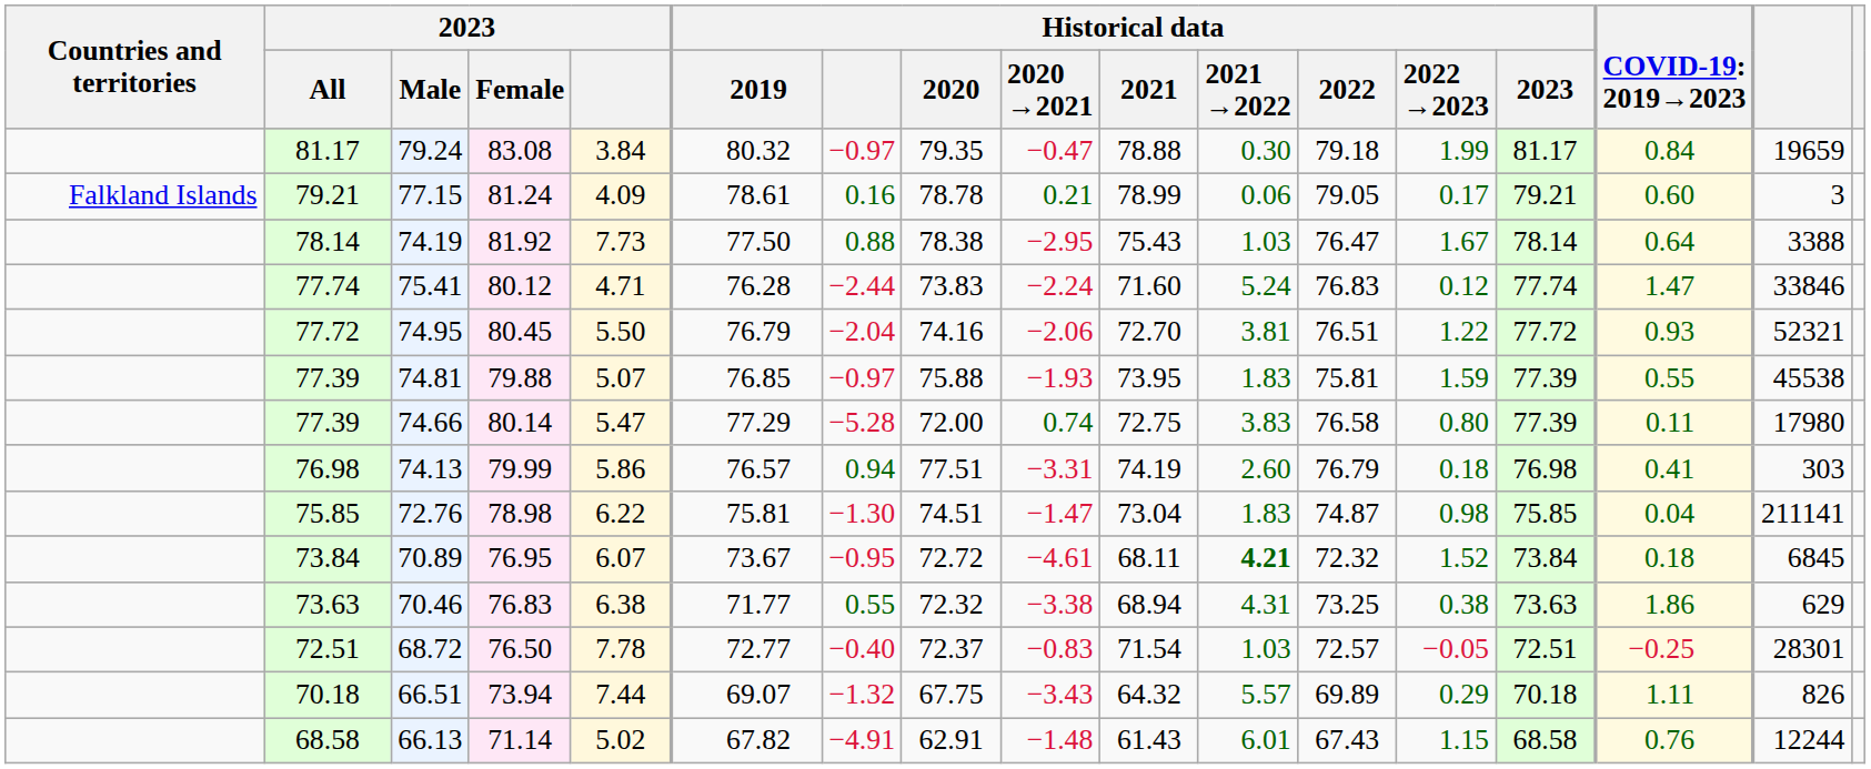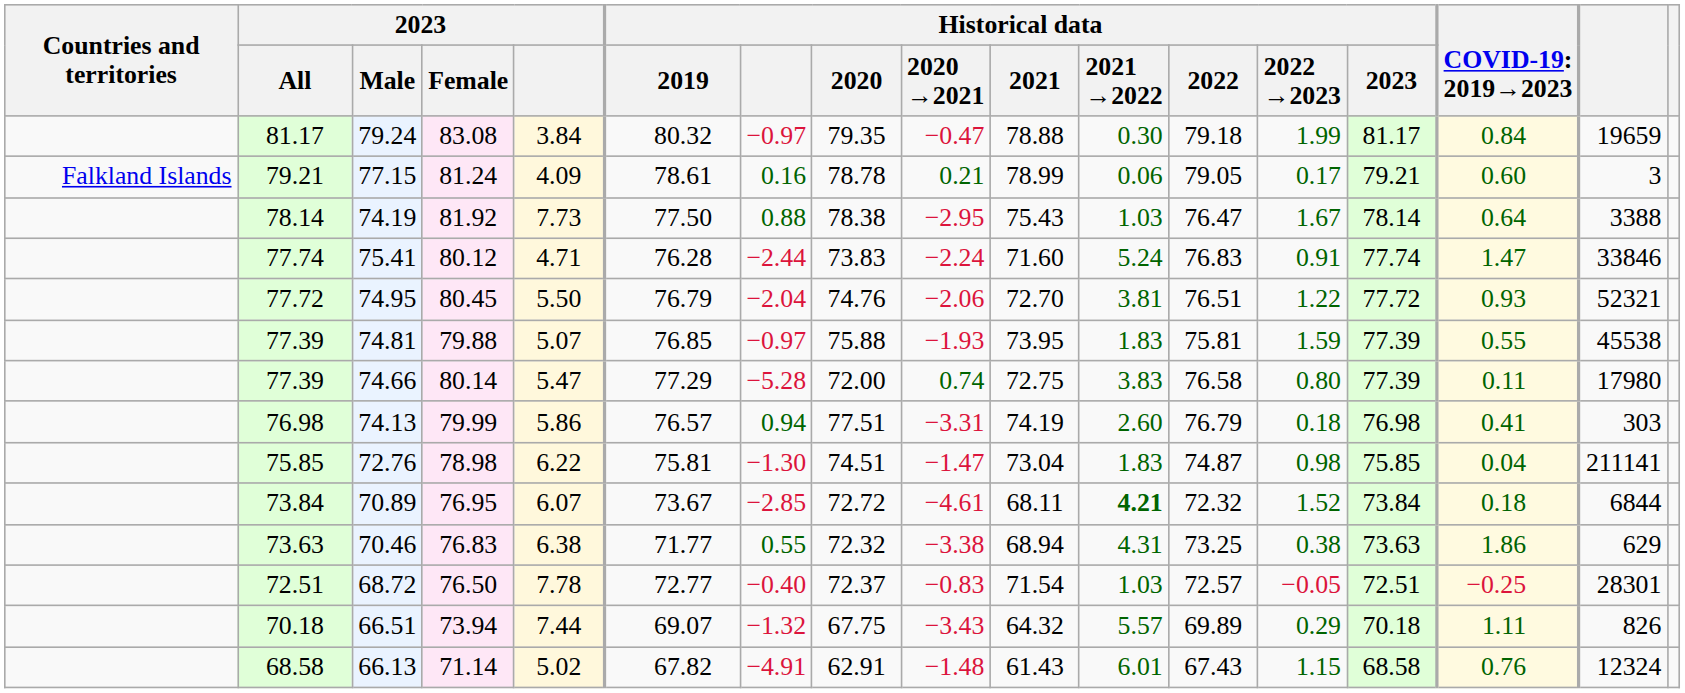 <table class="wikitable sortable mw-datatable static-row-numbers sort-under" style=text-align:right;>
 <tr>
 <th rowspan=2 style="vertical-align:middle;">Countries and<br>territories</th>
 <th colspan=4>2023</th>
 <th colspan=9 style="border-left-width:2px;">Historical data</th>
 <th rowspan=2 style="border-left-width:2px; text-align:middle;"><br><a href='#'>COVID-19</a>:<br>2019→2023</th>
 <th rowspan=2 style="border-left-width:2px; text-align:middle;"></th>
 <th rowspan=2></th>
 </tr>
 <tr>
 <th style="vertical-align:middle;width:4em;">All</th>
 <th style="vertical-align:middle;">Male</th>
 <th style="vertical-align:middle;">Female</th>
 <th style="vertical-align:middle; width:3em;"></th>
 <th style="border-left-width:2px; vertical-align:middle; width:4em; padding-left:1em;">2019</th>
 <th style="text-align:left;"></th>
 <th style="vertical-align:middle; width:3em;">2020</th>
 <th style="text-align:left;">2020<br>→2021</th>
 <th style="vertical-align:middle; width:3em;">2021</th>
 <th style="text-align:left;">2021<br>→2022</th>
 <th style="vertical-align:middle; width:3em;">2022</th>
 <th style="text-align:left;">2022<br>→2023</th>
 <th style="vertical-align:middle; width:3em;">2023</th>
 </tr>
 <tr>
 <td align=left></td>
 <td style="text-align:center;background:#e0ffd8;">81.17</td>
 <td style="text-align:center;background:#eaf3ff;">79.24</td>
 <td style="text-align:center;background:#fee7f6;">83.08</td>
 <td style="text-align:center;background:#fff8dc;">3.84</td>
 <td style="text-align:center;border-left-width:2px;padding-left:1em;">80.32</td>
 <td style=" color:crimson;">−0.97</td>
 <td style="text-align:center;">79.35</td>
 <td style=" color:crimson;">−0.47</td>
 <td style="text-align:center;">78.88</td>
 <td style=" color:darkgreen;">0.30</td>
 <td style="text-align:center;">79.18</td>
 <td style=" color:darkgreen;">1.99</td>
 <td style="text-align:center;background:#e0ffd8;">81.17</td>
 <td style="background:#fffae0;border-left-width:2px;padding-right:2em; color:darkgreen;">0.84</td>
 <td style="border-left-width:2px;">19659</td>
 <td align=center></td>
 </tr>
 <tr>
 <td style="text-align:left;padding-left: 35px;"><a href='#'>Falkland Islands</a></td>
 <td style="text-align:center;background:#e0ffd8;">79.21</td>
 <td style="text-align:center;background:#eaf3ff;">77.15</td>
 <td style="text-align:center;background:#fee7f6;">81.24</td>
 <td style="text-align:center;background:#fff8dc;">4.09</td>
 <td style="text-align:center;border-left-width:2px;padding-left:1em;">78.61</td>
 <td style=" color:darkgreen;">0.16</td>
 <td style="text-align:center;">78.78</td>
 <td style=" color:darkgreen;">0.21</td>
 <td style="text-align:center;">78.99</td>
 <td style=" color:darkgreen;">0.06</td>
 <td style="text-align:center;">79.05</td>
 <td style=" color:darkgreen;">0.17</td>
 <td style="text-align:center;background:#e0ffd8;">79.21</td>
 <td style="background:#fffae0;border-left-width:2px;padding-right:2em; color:darkgreen;">0.60</td>
 <td style="border-left-width:2px;">3</td>
 <td></td>
 </tr>
 <tr>
 <td align=left></td>
 <td style="text-align:center;background:#e0ffd8;">78.14</td>
 <td style="text-align:center;background:#eaf3ff;">74.19</td>
 <td style="text-align:center;background:#fee7f6;">81.92</td>
 <td style="text-align:center;background:#fff8dc;">7.73</td>
 <td style="text-align:center;border-left-width:2px;padding-left:1em;">77.50</td>
 <td style=" color:darkgreen;">0.88</td>
 <td style="text-align:center;">78.38</td>
 <td style=" color:crimson;">−2.95</td>
 <td style="text-align:center;">75.43</td>
 <td style=" color:darkgreen;">1.03</td>
 <td style="text-align:center;">76.47</td>
 <td style=" color:darkgreen;">1.67</td>
 <td style="text-align:center;background:#e0ffd8;">78.14</td>
 <td style="background:#fffae0;border-left-width:2px;padding-right:2em; color:darkgreen;">0.64</td>
 <td style="border-left-width:2px;">3388</td>
 <td align=center></td>
 </tr>
 <tr>
 <td align=left></td>
 <td style="text-align:center;background:#e0ffd8;">77.74</td>
 <td style="text-align:center;background:#eaf3ff;">75.41</td>
 <td style="text-align:center;background:#fee7f6;">80.12</td>
 <td style="text-align:center;background:#fff8dc;">4.71</td>
 <td style="text-align:center;border-left-width:2px;padding-left:1em;">76.28</td>
 <td style=" color:crimson;">−2.44</td>
 <td style="text-align:center;">73.83</td>
 <td style=" color:crimson;">−2.24</td>
 <td style="text-align:center;">71.60</td>
 <td style=" color:darkgreen;">5.24</td>
 <td style="text-align:center;">76.83</td>
-<td style=" color:darkgreen;">0.12</td>
+<td style=" color:darkgreen;">0.91</td>
 <td style="text-align:center;background:#e0ffd8;">77.74</td>
 <td style="background:#fffae0;border-left-width:2px;padding-right:2em; color:darkgreen;">1.47</td>
 <td style="border-left-width:2px;">33846</td>
 <td align=center></td>
 </tr>
 <tr>
 <td align=left></td>
 <td style="text-align:center;background:#e0ffd8;">77.72</td>
 <td style="text-align:center;background:#eaf3ff;">74.95</td>
 <td style="text-align:center;background:#fee7f6;">80.45</td>
 <td style="text-align:center;background:#fff8dc;">5.50</td>
 <td style="text-align:center;border-left-width:2px;padding-left:1em;">76.79</td>
 <td style=" color:crimson;">−2.04</td>
-<td style="text-align:center;">74.16</td>
+<td style="text-align:center;">74.76</td>
 <td style=" color:crimson;">−2.06</td>
 <td style="text-align:center;">72.70</td>
 <td style=" color:darkgreen;">3.81</td>
 <td style="text-align:center;">76.51</td>
 <td style=" color:darkgreen;">1.22</td>
 <td style="text-align:center;background:#e0ffd8;">77.72</td>
 <td style="background:#fffae0;border-left-width:2px;padding-right:2em; color:darkgreen;">0.93</td>
 <td style="border-left-width:2px;">52321</td>
 <td align=center></td>
 </tr>
 <tr>
 <td align=left></td>
 <td style="text-align:center;background:#e0ffd8;">77.39</td>
 <td style="text-align:center;background:#eaf3ff;">74.81</td>
 <td style="text-align:center;background:#fee7f6;">79.88</td>
 <td style="text-align:center;background:#fff8dc;">5.07</td>
 <td style="text-align:center;border-left-width:2px;padding-left:1em;">76.85</td>
 <td style=" color:crimson;">−0.97</td>
 <td style="text-align:center;">75.88</td>
 <td style=" color:crimson;">−1.93</td>
 <td style="text-align:center;">73.95</td>
 <td style=" color:darkgreen;">1.83</td>
 <td style="text-align:center;">75.81</td>
 <td style=" color:darkgreen;">1.59</td>
 <td style="text-align:center;background:#e0ffd8;">77.39</td>
 <td style="background:#fffae0;border-left-width:2px;padding-right:2em; color:darkgreen;">0.55</td>
 <td style="border-left-width:2px;">45538</td>
 <td align=center></td>
 </tr>
 <tr>
 <td align=left></td>
 <td style="text-align:center;background:#e0ffd8;">77.39</td>
 <td style="text-align:center;background:#eaf3ff;">74.66</td>
 <td style="text-align:center;background:#fee7f6;">80.14</td>
 <td style="text-align:center;background:#fff8dc;">5.47</td>
 <td style="text-align:center;border-left-width:2px;padding-left:1em;">77.29</td>
 <td style=" color:crimson;">−5.28</td>
 <td style="text-align:center;">72.00</td>
 <td style=" color:darkgreen;">0.74</td>
 <td style="text-align:center;">72.75</td>
 <td style=" color:darkgreen;">3.83</td>
 <td style="text-align:center;">76.58</td>
 <td style=" color:darkgreen;">0.80</td>
 <td style="text-align:center;background:#e0ffd8;">77.39</td>
 <td style="background:#fffae0;border-left-width:2px;padding-right:2em; color:darkgreen;">0.11</td>
 <td style="border-left-width:2px;">17980</td>
 <td align=center></td>
 </tr>
 <tr>
 <td align=left></td>
 <td style="text-align:center;background:#e0ffd8;">76.98</td>
 <td style="text-align:center;background:#eaf3ff;">74.13</td>
 <td style="text-align:center;background:#fee7f6;">79.99</td>
 <td style="text-align:center;background:#fff8dc;">5.86</td>
 <td style="text-align:center;border-left-width:2px;padding-left:1em;">76.57</td>
 <td style=" color:darkgreen;">0.94</td>
 <td style="text-align:center;">77.51</td>
 <td style=" color:crimson;">−3.31</td>
 <td style="text-align:center;">74.19</td>
 <td style=" color:darkgreen;">2.60</td>
 <td style="text-align:center;">76.79</td>
 <td style=" color:darkgreen;">0.18</td>
 <td style="text-align:center;background:#e0ffd8;">76.98</td>
 <td style="background:#fffae0;border-left-width:2px;padding-right:2em; color:darkgreen;">0.41</td>
 <td style="border-left-width:2px;">303</td>
 <td align=center></td>
 </tr>
 <tr>
 <td align=left></td>
 <td style="text-align:center;background:#e0ffd8;">75.85</td>
 <td style="text-align:center;background:#eaf3ff;">72.76</td>
 <td style="text-align:center;background:#fee7f6;">78.98</td>
 <td style="text-align:center;background:#fff8dc;">6.22</td>
 <td style="text-align:center;border-left-width:2px;padding-left:1em;">75.81</td>
 <td style=" color:crimson;">−1.30</td>
 <td style="text-align:center;">74.51</td>
 <td style=" color:crimson;">−1.47</td>
 <td style="text-align:center;">73.04</td>
 <td style=" color:darkgreen;">1.83</td>
 <td style="text-align:center;">74.87</td>
 <td style=" color:darkgreen;">0.98</td>
 <td style="text-align:center;background:#e0ffd8;">75.85</td>
 <td style="background:#fffae0;border-left-width:2px;padding-right:2em; color:darkgreen;">0.04</td>
 <td style="border-left-width:2px;">211141</td>
 <td align=center></td>
 </tr>
 <tr>
 <td align=left></td>
 <td style="text-align:center;background:#e0ffd8;">73.84</td>
 <td style="text-align:center;background:#eaf3ff;">70.89</td>
 <td style="text-align:center;background:#fee7f6;">76.95</td>
 <td style="text-align:center;background:#fff8dc;">6.07</td>
 <td style="text-align:center;border-left-width:2px;padding-left:1em;">73.67</td>
-<td style=" color:crimson;">−0.95</td>
+<td style=" color:crimson;">−2.85</td>
 <td style="text-align:center;">72.72</td>
 <td style=" color:crimson;">−4.61</td>
 <td style="text-align:center;">68.11</td>
 <td style=" color:darkgreen;"><strong>4.21</strong></td>
 <td style="text-align:center;">72.32</td>
 <td style=" color:darkgreen;">1.52</td>
 <td style="text-align:center;background:#e0ffd8;">73.84</td>
 <td style="background:#fffae0;border-left-width:2px;padding-right:2em; color:darkgreen;">0.18</td>
-<td style="border-left-width:2px;">6845</td>
+<td style="border-left-width:2px;">6844</td>
 <td align=center></td>
 </tr>
 <tr>
 <td align=left></td>
 <td style="text-align:center;background:#e0ffd8;">73.63</td>
 <td style="text-align:center;background:#eaf3ff;">70.46</td>
 <td style="text-align:center;background:#fee7f6;">76.83</td>
 <td style="text-align:center;background:#fff8dc;">6.38</td>
 <td style="text-align:center;border-left-width:2px;padding-left:1em;">71.77</td>
 <td style=" color:darkgreen;">0.55</td>
 <td style="text-align:center;">72.32</td>
 <td style=" color:crimson;">−3.38</td>
 <td style="text-align:center;">68.94</td>
 <td style=" color:darkgreen;">4.31</td>
 <td style="text-align:center;">73.25</td>
 <td style=" color:darkgreen;">0.38</td>
 <td style="text-align:center;background:#e0ffd8;">73.63</td>
 <td style="background:#fffae0;border-left-width:2px;padding-right:2em; color:darkgreen;">1.86</td>
 <td style="border-left-width:2px;">629</td>
 <td align=center></td>
 </tr>
 <tr>
 <td align=left></td>
 <td style="text-align:center;background:#e0ffd8;">72.51</td>
 <td style="text-align:center;background:#eaf3ff;">68.72</td>
 <td style="text-align:center;background:#fee7f6;">76.50</td>
 <td style="text-align:center;background:#fff8dc;">7.78</td>
 <td style="text-align:center;border-left-width:2px;padding-left:1em;">72.77</td>
 <td style=" color:crimson;">−0.40</td>
 <td style="text-align:center;">72.37</td>
 <td style=" color:crimson;">−0.83</td>
 <td style="text-align:center;">71.54</td>
 <td style=" color:darkgreen;">1.03</td>
 <td style="text-align:center;">72.57</td>
 <td style=" color:crimson;">−0.05</td>
 <td style="text-align:center;background:#e0ffd8;">72.51</td>
 <td style="background:#fffae0;border-left-width:2px;padding-right:2em; color:crimson;">−0.25</td>
 <td style="border-left-width:2px;">28301</td>
 <td align=center></td>
 </tr>
 <tr>
 <td align=left></td>
 <td style="text-align:center;background:#e0ffd8;">70.18</td>
 <td style="text-align:center;background:#eaf3ff;">66.51</td>
 <td style="text-align:center;background:#fee7f6;">73.94</td>
 <td style="text-align:center;background:#fff8dc;">7.44</td>
 <td style="text-align:center;border-left-width:2px;padding-left:1em;">69.07</td>
 <td style=" color:crimson;">−1.32</td>
 <td style="text-align:center;">67.75</td>
 <td style=" color:crimson;">−3.43</td>
 <td style="text-align:center;">64.32</td>
 <td style=" color:darkgreen;">5.57</td>
 <td style="text-align:center;">69.89</td>
 <td style=" color:darkgreen;">0.29</td>
 <td style="text-align:center;background:#e0ffd8;">70.18</td>
 <td style="background:#fffae0;border-left-width:2px;padding-right:2em; color:darkgreen;">1.11</td>
 <td style="border-left-width:2px;">826</td>
 <td align=center></td>
 </tr>
 <tr>
 <td align=left></td>
 <td style="text-align:center;background:#e0ffd8;">68.58</td>
 <td style="text-align:center;background:#eaf3ff;">66.13</td>
 <td style="text-align:center;background:#fee7f6;">71.14</td>
 <td style="text-align:center;background:#fff8dc;">5.02</td>
 <td style="text-align:center;border-left-width:2px;padding-left:1em;">67.82</td>
 <td style=" color:crimson;">−4.91</td>
 <td style="text-align:center;">62.91</td>
 <td style=" color:crimson;">−1.48</td>
 <td style="text-align:center;">61.43</td>
 <td style=" color:darkgreen;">6.01</td>
 <td style="text-align:center;">67.43</td>
 <td style=" color:darkgreen;">1.15</td>
 <td style="text-align:center;background:#e0ffd8;">68.58</td>
 <td style="background:#fffae0;border-left-width:2px;padding-right:2em; color:darkgreen;">0.76</td>
-<td style="border-left-width:2px;">12244</td>
+<td style="border-left-width:2px;">12324</td>
 <td align=center></td>
 </tr>
 </table>
